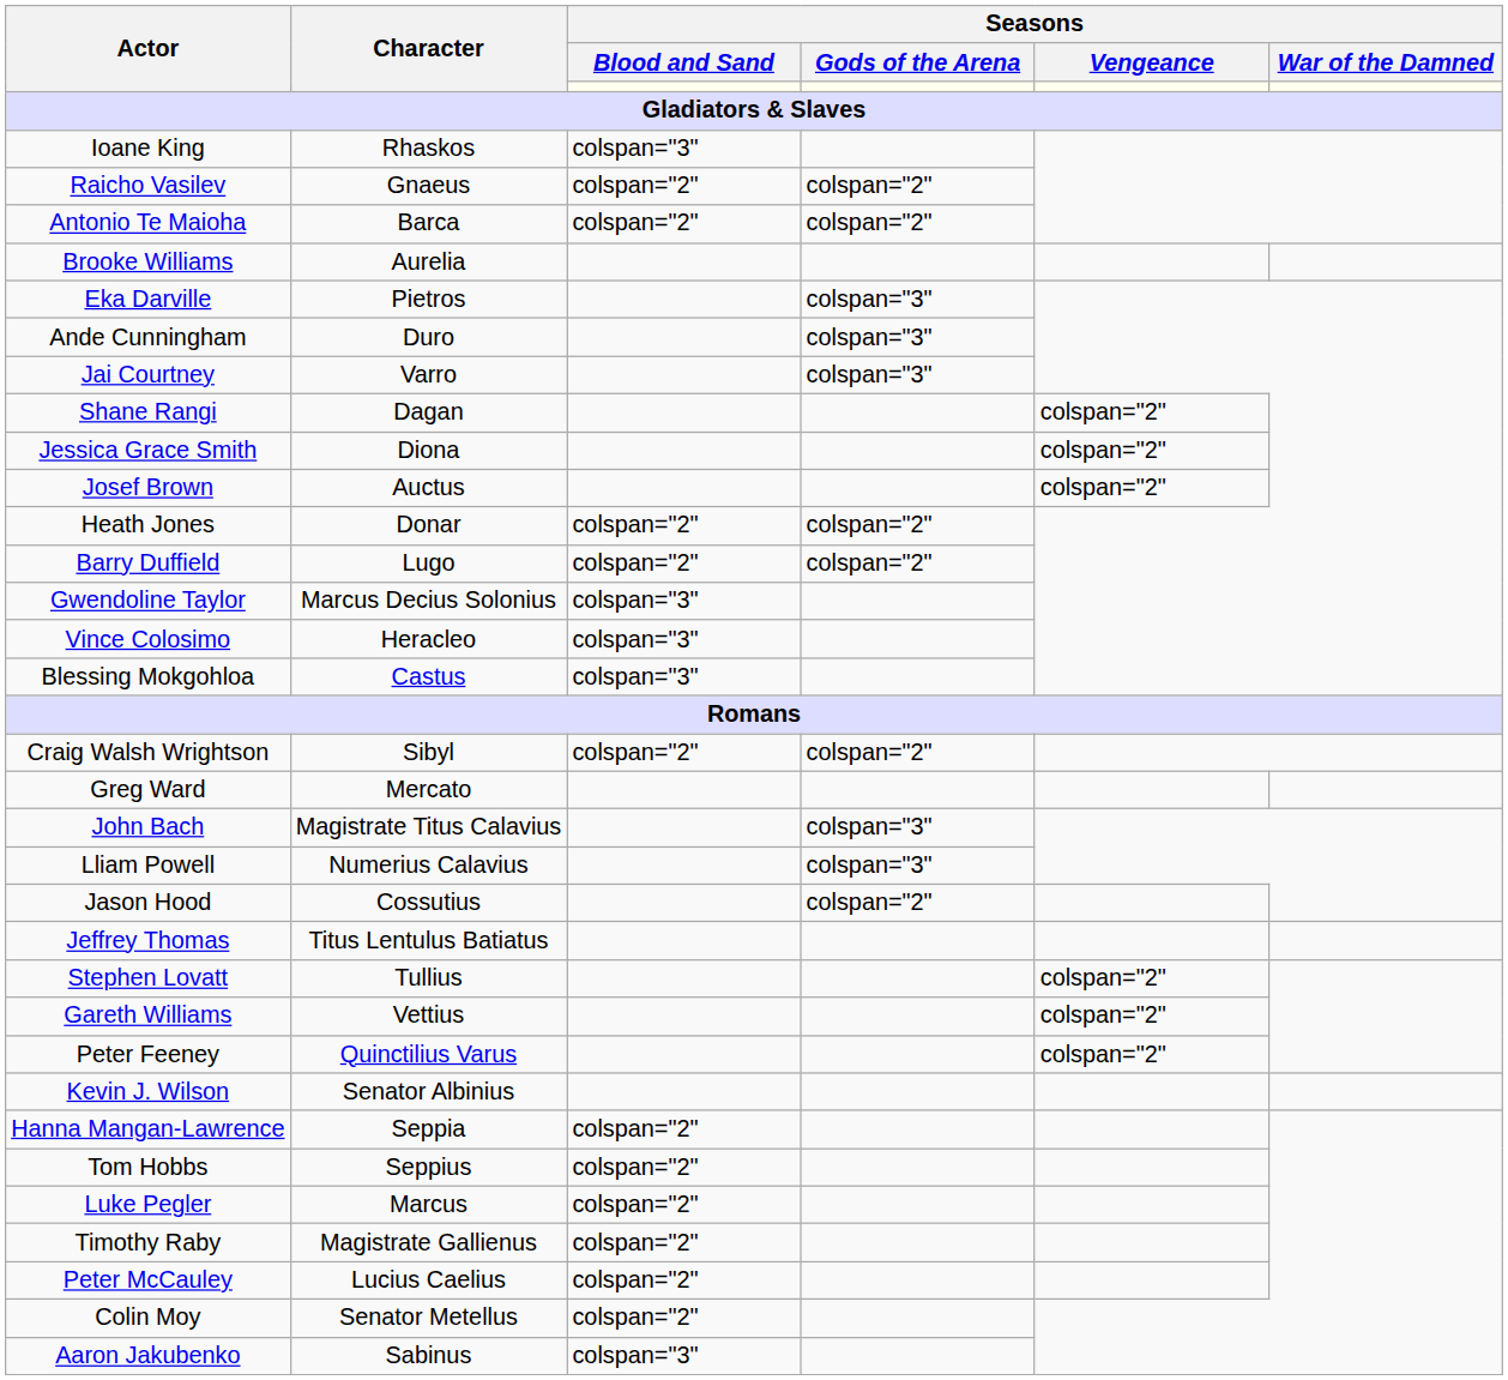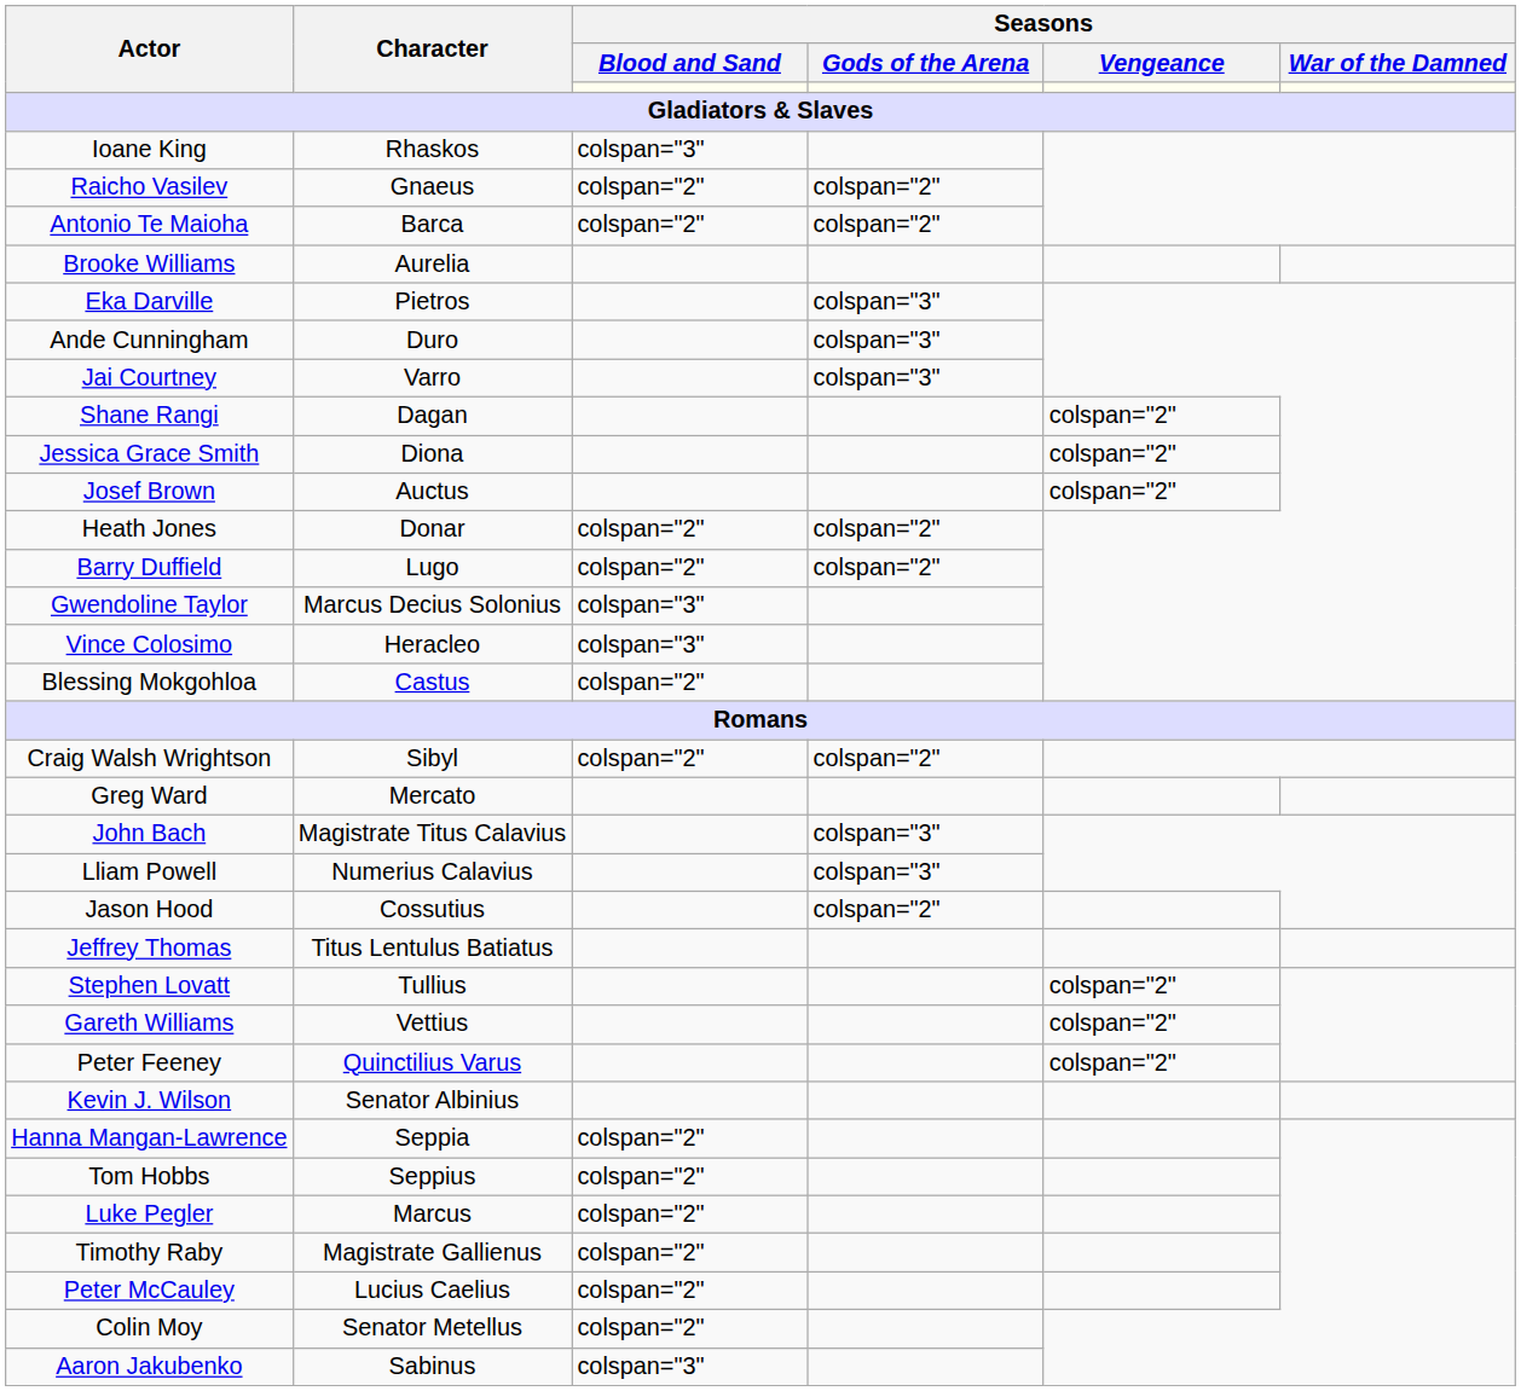 <table class="wikitable">
 <tr>
 <th rowspan="3">Actor</th>
 <th rowspan="3">Character</th>
 <th colspan="4">Seasons</th>
 </tr>
 <tr>
 <th style="width: 150px;"><a href='#'><em>Blood and Sand</em></a></th>
 <th style="width: 150px;"><a href='#'><em>Gods of the Arena</em></a></th>
 <th style="width: 150px;"><a href='#'><em>Vengeance</em></a></th>
 <th style="width: 150px;"><a href='#'><em>War of the Damned</em></a></th>
 </tr>
 <tr>
 <th style="background:ivory;"></th>
 <th style="background:ivory;"></th>
 <th style="background:ivory;"></th>
 <th style="background:ivory;"></th>
 </tr>
 <tr>
 <th colspan="9" style="background-color:#ddf;">Gladiators & Slaves</th>
 </tr>
 <tr>
 <td style="text-align:center;">Ioane King</td>
 <td style="text-align:center;">Rhaskos</td>
 <td>colspan="3" </td>
 <td></td>
 </tr>
 <tr>
 <td style="text-align:center;"><a href='#'>Raicho Vasilev</a></td>
 <td style="text-align:center;">Gnaeus</td>
 <td>colspan="2" </td>
 <td>colspan="2" </td>
 </tr>
 <tr>
 <td style="text-align:center;"><a href='#'>Antonio Te Maioha</a></td>
 <td style="text-align:center;">Barca</td>
 <td>colspan="2" </td>
 <td>colspan="2" </td>
 </tr>
 <tr>
 <td style="text-align:center;"><a href='#'>Brooke Williams</a></td>
 <td style="text-align:center;">Aurelia</td>
 <td></td>
 <td></td>
 <td></td>
 <td></td>
 </tr>
 <tr>
 <td style="text-align:center;"><a href='#'>Eka Darville</a></td>
 <td style="text-align:center;">Pietros</td>
 <td></td>
 <td>colspan="3" </td>
 </tr>
 <tr>
 <td style="text-align:center;">Ande Cunningham</td>
 <td style="text-align:center;">Duro</td>
 <td></td>
 <td>colspan="3" </td>
 </tr>
 <tr>
 <td style="text-align:center;"><a href='#'>Jai Courtney</a></td>
 <td style="text-align:center;">Varro</td>
 <td></td>
 <td>colspan="3" </td>
 </tr>
 <tr>
 <td style="text-align:center;"><a href='#'>Shane Rangi</a></td>
 <td style="text-align:center;">Dagan</td>
 <td></td>
 <td></td>
 <td>colspan="2" </td>
 </tr>
 <tr>
 <td style="text-align:center;"><a href='#'>Jessica Grace Smith</a></td>
 <td style="text-align:center;">Diona</td>
 <td></td>
 <td></td>
 <td>colspan="2" </td>
 </tr>
 <tr>
 <td style="text-align:center;"><a href='#'>Josef Brown</a></td>
 <td style="text-align:center;">Auctus</td>
 <td></td>
 <td></td>
 <td>colspan="2" </td>
 </tr>
 <tr>
 <td style="text-align:center;">Heath Jones</td>
 <td style="text-align:center;">Donar</td>
 <td>colspan="2" </td>
 <td>colspan="2" </td>
 </tr>
 <tr>
 <td style="text-align:center;"><a href='#'>Barry Duffield</a></td>
 <td style="text-align:center;">Lugo</td>
 <td>colspan="2" </td>
 <td>colspan="2" </td>
 </tr>
 <tr>
 <td style="text-align:center;"><a href='#'>Gwendoline Taylor</a></td>
 <td style="text-align:center;">Marcus Decius Solonius</td>
 <td>colspan="3" </td>
 <td></td>
 </tr>
 <tr>
 <td style="text-align:center;"><a href='#'>Vince Colosimo</a></td>
 <td style="text-align:center;">Heracleo</td>
 <td>colspan="3" </td>
 <td></td>
 </tr>
 <tr>
 <td style="text-align:center;">Blessing Mokgohloa</td>
 <td style="text-align:center;"><a href='#'>Castus</a></td>
-<td>colspan="3" </td>
+<td>colspan="2" </td>
 <td></td>
 </tr>
 <tr>
 <th colspan="9" style="background-color:#ddf;">Romans</th>
 </tr>
 <tr>
 <td style="text-align:center;">Craig Walsh Wrightson</td>
 <td style="text-align:center;">Sibyl</td>
 <td>colspan="2" </td>
 <td>colspan="2" </td>
 </tr>
 <tr>
 <td style="text-align:center;">Greg Ward</td>
 <td style="text-align:center;">Mercato</td>
 <td></td>
 <td></td>
 <td></td>
 <td></td>
 </tr>
 <tr>
 <td style="text-align:center;"><a href='#'>John Bach</a></td>
 <td style="text-align:center;">Magistrate Titus Calavius</td>
 <td></td>
 <td>colspan="3" </td>
 </tr>
 <tr>
 <td style="text-align:center;">Lliam Powell</td>
 <td style="text-align:center;">Numerius Calavius</td>
 <td></td>
 <td>colspan="3" </td>
 </tr>
 <tr>
 <td style="text-align:center;">Jason Hood</td>
 <td style="text-align:center;">Cossutius</td>
 <td></td>
 <td>colspan="2" </td>
 <td></td>
 </tr>
 <tr>
 <td style="text-align:center;"><a href='#'>Jeffrey Thomas</a></td>
 <td style="text-align:center;">Titus Lentulus Batiatus</td>
 <td></td>
 <td></td>
 <td></td>
 <td></td>
 </tr>
 <tr>
 <td style="text-align:center;"><a href='#'>Stephen Lovatt</a></td>
 <td style="text-align:center;">Tullius</td>
 <td></td>
 <td></td>
 <td>colspan="2" </td>
 </tr>
 <tr>
 <td style="text-align:center;"><a href='#'>Gareth Williams</a></td>
 <td style="text-align:center;">Vettius</td>
 <td></td>
 <td></td>
 <td>colspan="2" </td>
 </tr>
 <tr>
 <td style="text-align:center;">Peter Feeney</td>
 <td style="text-align:center;"><a href='#'>Quinctilius Varus</a></td>
 <td></td>
 <td></td>
 <td>colspan="2" </td>
 </tr>
 <tr>
 <td style="text-align:center;"><a href='#'>Kevin J. Wilson</a></td>
 <td style="text-align:center;">Senator Albinius</td>
 <td></td>
 <td></td>
 <td></td>
 <td></td>
 </tr>
 <tr>
 <td style="text-align:center;"><a href='#'>Hanna Mangan-Lawrence</a></td>
 <td style="text-align:center;">Seppia</td>
 <td>colspan="2" </td>
 <td></td>
 <td></td>
 </tr>
 <tr>
 <td style="text-align:center;">Tom Hobbs</td>
 <td style="text-align:center;">Seppius</td>
 <td>colspan="2" </td>
 <td></td>
 <td></td>
 </tr>
 <tr>
 <td style="text-align:center;"><a href='#'>Luke Pegler</a></td>
 <td style="text-align:center;">Marcus</td>
 <td>colspan="2" </td>
 <td></td>
 <td></td>
 </tr>
 <tr>
 <td style="text-align:center;">Timothy Raby</td>
 <td style="text-align:center;">Magistrate Gallienus</td>
 <td>colspan="2" </td>
 <td></td>
 <td></td>
 </tr>
 <tr>
 <td style="text-align:center;"><a href='#'>Peter McCauley</a></td>
 <td style="text-align:center;">Lucius Caelius</td>
 <td>colspan="2" </td>
 <td></td>
 <td></td>
 </tr>
 <tr>
 <td style="text-align:center;">Colin Moy</td>
 <td style="text-align:center;">Senator Metellus</td>
 <td>colspan="2" </td>
 <td></td>
 </tr>
 <tr>
 <td style="text-align:center;"><a href='#'>Aaron Jakubenko</a></td>
 <td style="text-align:center;">Sabinus</td>
 <td>colspan="3" </td>
 <td></td>
 </tr>
 <tr>
 </tr>
 </table>
